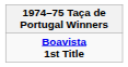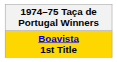 <table class="wikitable" style="text-align: center; margin: 0 auto; width: 20%">
 <tr>
 <th>1974–75 Taça de Portugal Winners</th>
 </tr>
 <tr>
-<td><strong><a href='#'>Boavista</a></strong><br><strong>1st Title</strong></td>
+<td style="background: gold;"><strong><a href='#'>Boavista</a></strong><br><strong>1st Title</strong></td>
 </tr>
 </table>
